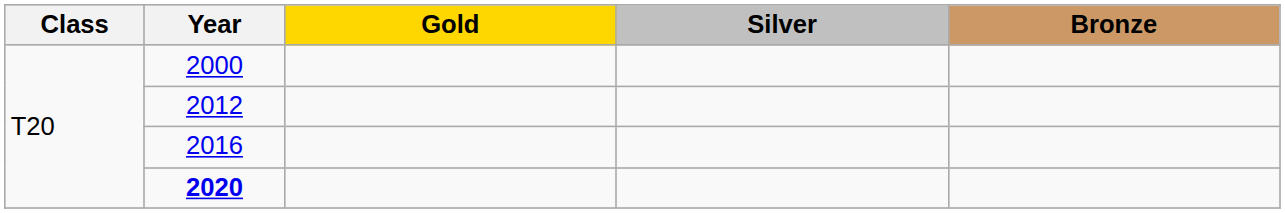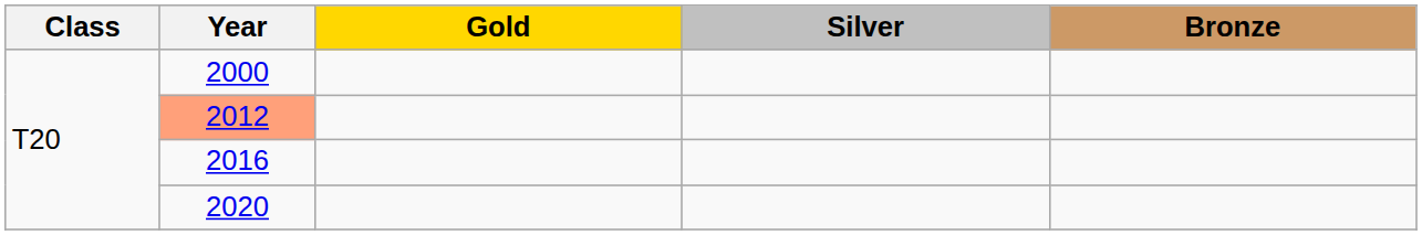 <table class="wikitable">
 <tr>
 <th width=80>Class</th>
 <th width=80>Year</th>
 <td align=center width=200 bgcolor=gold><strong>Gold</strong></td>
 <td align=center width=200 bgcolor=silver><strong>Silver</strong></td>
 <td align=center width=200 bgcolor=cc9966><strong>Bronze</strong></td>
 </tr>
 <tr>
 <td rowspan=4>T20</td>
 <td align=center><a href='#'>2000</a></td>
 <td></td>
 <td></td>
 <td></td>
 </tr>
 <tr>
-<td align=center><a href='#'>2012</a></td>
+<td align=center style="background: lightsalmon;"><a href='#'>2012</a></td>
 <td></td>
 <td></td>
 <td></td>
 </tr>
 <tr>
 <td align=center><a href='#'>2016</a></td>
 <td></td>
 <td></td>
 <td></td>
 </tr>
 <tr>
-<td align=center><strong><a href='#'>2020</a></strong></td>
+<td align=center><a href='#'>2020</a></td>
 <td></td>
 <td></td>
 <td></td>
 </tr>
 </table>
